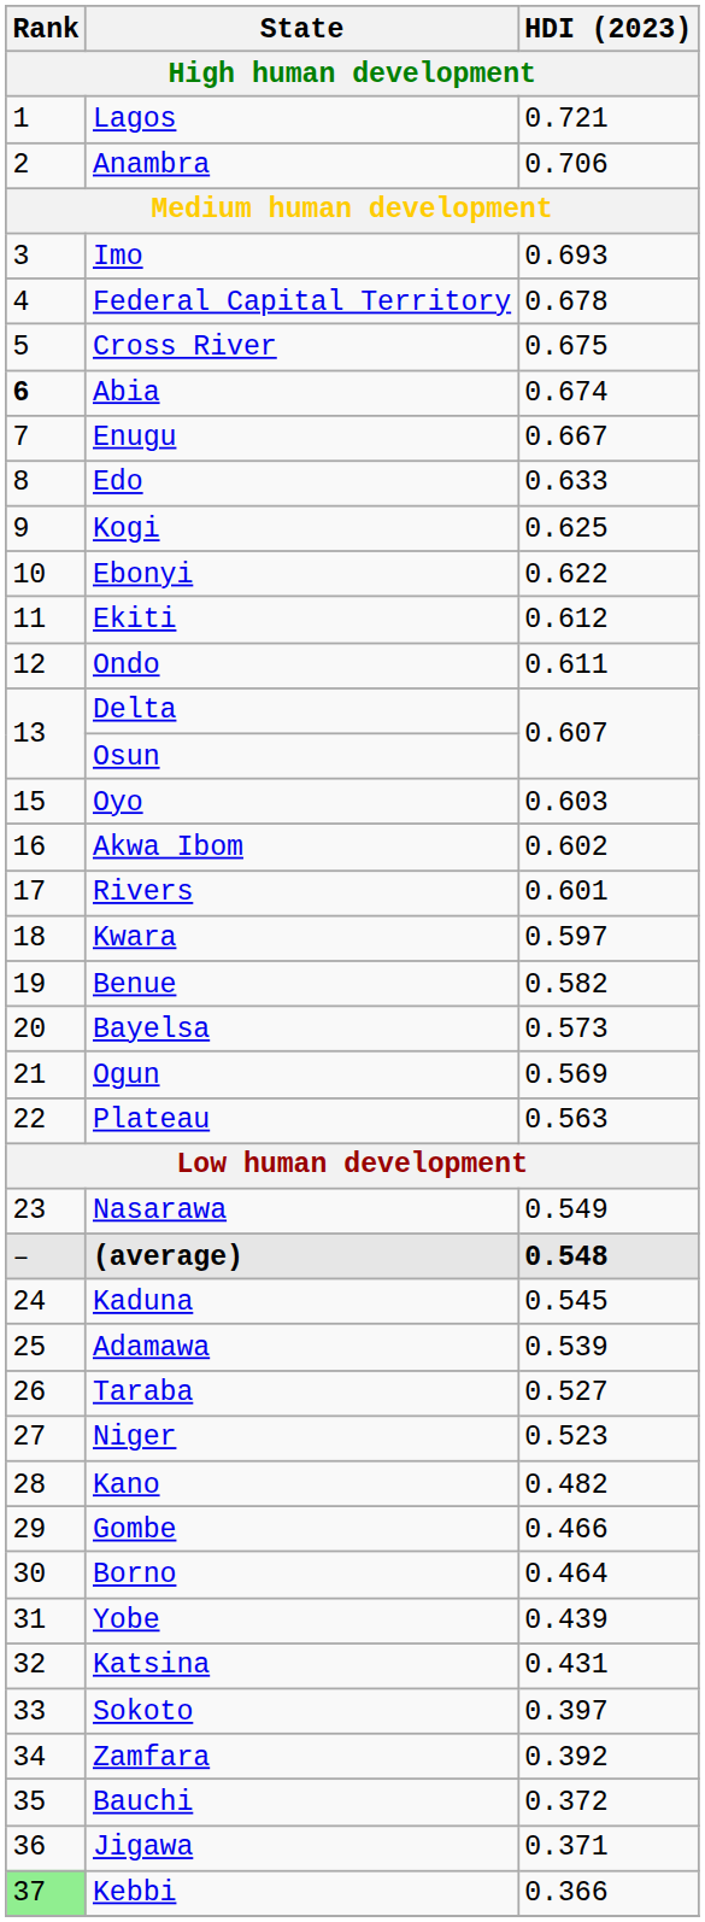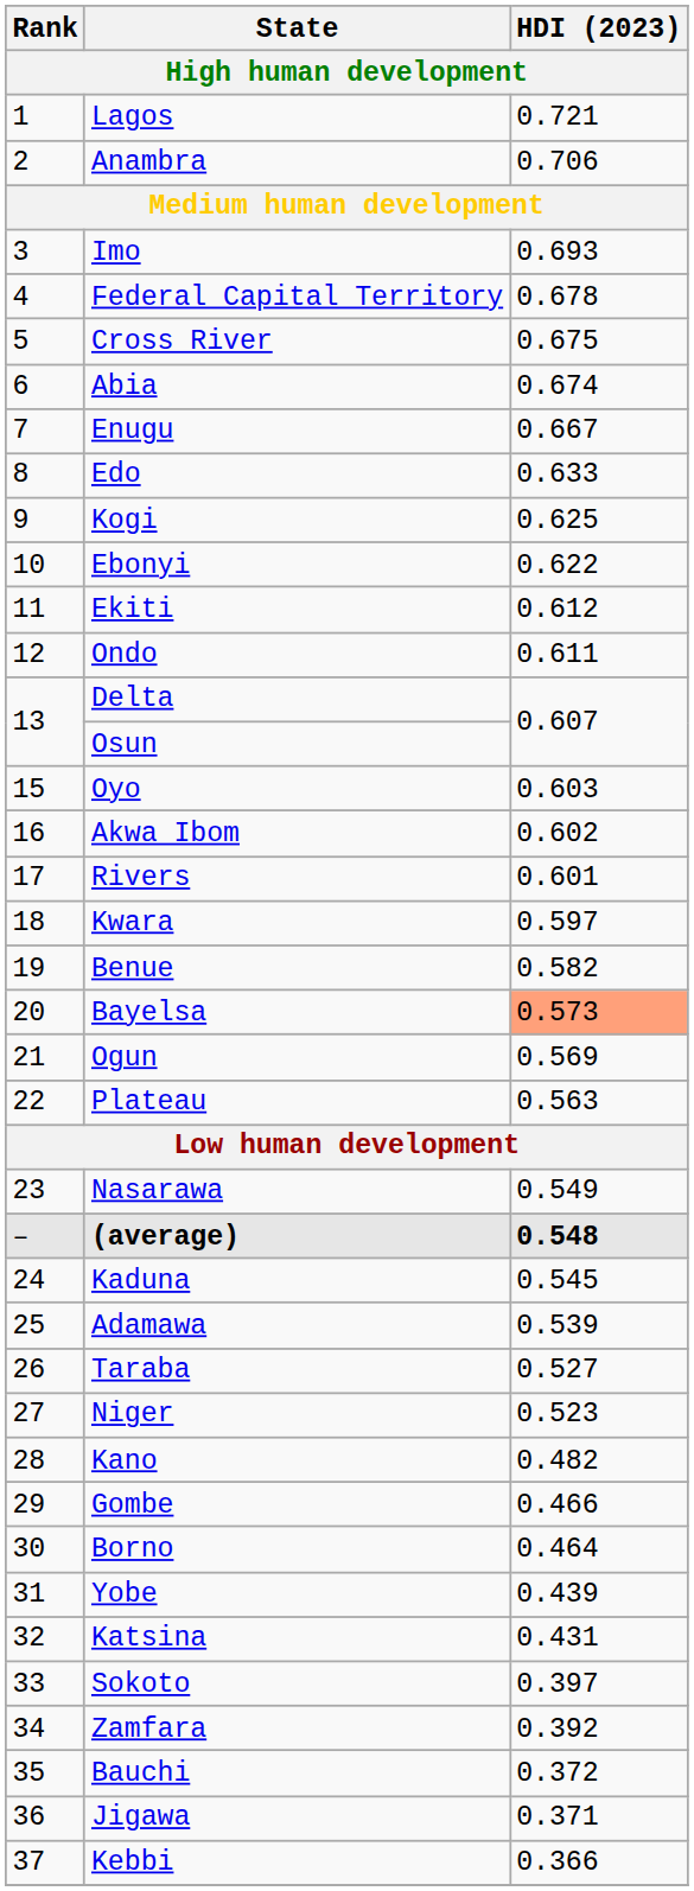 <table class="wikitable sortable">
 <tr>
 <th class="sort">Rank</th>
 <th class="sort">State</th>
 <th class="sort">HDI (2023)</th>
 </tr>
 <tr>
 <th colspan="3" style="color:#008000;">High human development</th>
 </tr>
 <tr>
 <td>1</td>
 <td><a href='#'>Lagos</a></td>
 <td>0.721</td>
 </tr>
 <tr>
 <td>2</td>
 <td><a href='#'>Anambra</a></td>
 <td>0.706</td>
 </tr>
 <tr>
 <th colspan="3" style="color:#fc0;">Medium human development</th>
 </tr>
 <tr>
 <td>3</td>
 <td><a href='#'>Imo</a></td>
 <td>0.693</td>
 </tr>
 <tr>
 <td>4</td>
 <td style="text-align:left"><a href='#'>Federal Capital Territory</a></td>
 <td>0.678</td>
 </tr>
 <tr>
 <td>5</td>
 <td><a href='#'>Cross River</a></td>
 <td>0.675</td>
 </tr>
 <tr>
-<td><strong>6</strong></td>
+<td>6</td>
 <td><a href='#'>Abia</a></td>
 <td>0.674</td>
 </tr>
 <tr>
 <td>7</td>
 <td><a href='#'>Enugu</a></td>
 <td>0.667</td>
 </tr>
 <tr>
 <td>8</td>
 <td><a href='#'>Edo</a></td>
 <td>0.633</td>
 </tr>
 <tr>
 <td>9</td>
 <td><a href='#'>Kogi</a></td>
 <td>0.625</td>
 </tr>
 <tr>
 <td>10</td>
 <td><a href='#'>Ebonyi</a></td>
 <td>0.622</td>
 </tr>
 <tr>
 <td>11</td>
 <td><a href='#'>Ekiti</a></td>
 <td>0.612</td>
 </tr>
 <tr>
 <td>12</td>
 <td><a href='#'>Ondo</a></td>
 <td>0.611</td>
 </tr>
 <tr>
 <td rowspan="2">13</td>
 <td><a href='#'>Delta</a></td>
 <td rowspan="2">0.607</td>
 </tr>
 <tr>
 <td><a href='#'>Osun</a></td>
 </tr>
 <tr>
 <td>15</td>
 <td><a href='#'>Oyo</a></td>
 <td>0.603</td>
 </tr>
 <tr>
 <td>16</td>
 <td><a href='#'>Akwa Ibom</a></td>
 <td>0.602</td>
 </tr>
 <tr>
 <td>17</td>
 <td><a href='#'>Rivers</a></td>
 <td>0.601</td>
 </tr>
 <tr>
 <td>18</td>
 <td style="text-align:left"><a href='#'>Kwara</a></td>
 <td>0.597</td>
 </tr>
 <tr>
 <td>19</td>
 <td><a href='#'>Benue</a></td>
 <td>0.582</td>
 </tr>
 <tr>
 <td>20</td>
 <td><a href='#'>Bayelsa</a></td>
-<td>0.573</td>
+<td style="background: lightsalmon;">0.573</td>
 </tr>
 <tr>
 <td>21</td>
 <td><a href='#'>Ogun</a></td>
 <td>0.569</td>
 </tr>
 <tr>
 <td>22</td>
 <td><a href='#'>Plateau</a></td>
 <td>0.563</td>
 </tr>
 <tr>
 <th colspan="3" style="color:#900;">Low human development</th>
 </tr>
 <tr>
 <td>23</td>
 <td><a href='#'>Nasarawa</a></td>
 <td>0.549</td>
 </tr>
 <tr style="background:#e6e6e6">
 <td>–</td>
 <td style="text-align:left"><strong> (average)</strong></td>
 <td><strong>0.548</strong></td>
 </tr>
 <tr>
 <td>24</td>
 <td><a href='#'>Kaduna</a></td>
 <td>0.545</td>
 </tr>
 <tr>
 <td>25</td>
 <td><a href='#'>Adamawa</a></td>
 <td>0.539</td>
 </tr>
 <tr>
 <td>26</td>
 <td><a href='#'>Taraba</a></td>
 <td>0.527</td>
 </tr>
 <tr>
 <td>27</td>
 <td><a href='#'>Niger</a></td>
 <td>0.523</td>
 </tr>
 <tr>
 <td>28</td>
 <td><a href='#'>Kano</a></td>
 <td>0.482</td>
 </tr>
 <tr>
 <td>29</td>
 <td><a href='#'>Gombe</a></td>
 <td>0.466</td>
 </tr>
 <tr>
 <td>30</td>
 <td><a href='#'>Borno</a></td>
 <td>0.464</td>
 </tr>
 <tr>
 <td>31</td>
 <td><a href='#'>Yobe</a></td>
 <td>0.439</td>
 </tr>
 <tr>
 <td>32</td>
 <td><a href='#'>Katsina</a></td>
 <td>0.431</td>
 </tr>
 <tr>
 <td>33</td>
 <td><a href='#'>Sokoto</a></td>
 <td>0.397</td>
 </tr>
 <tr>
 <td>34</td>
 <td><a href='#'>Zamfara</a></td>
 <td>0.392</td>
 </tr>
 <tr>
 <td>35</td>
 <td style="text-align:left"><a href='#'>Bauchi</a></td>
 <td>0.372</td>
 </tr>
 <tr>
 <td>36</td>
 <td><a href='#'>Jigawa</a></td>
 <td>0.371</td>
 </tr>
 <tr>
-<td style="background: lightgreen;">37</td>
+<td>37</td>
 <td><a href='#'>Kebbi</a></td>
 <td>0.366</td>
 </tr>
 <tr>
 </tr>
 </table>
